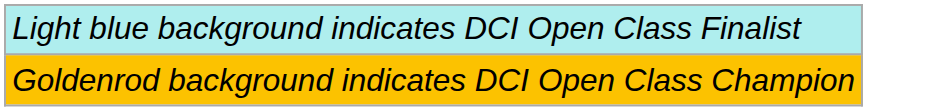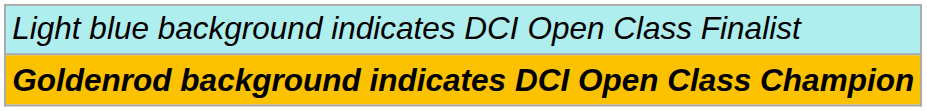 <table class="wikitable" style="font-size:100%;">
 <tr>
 <td style="background-color:#AFEEEE"><em>Light blue background indicates DCI Open Class Finalist</em></td>
 </tr>
 <tr>
-<td style="background-color:#fcc200"><em>Goldenrod background indicates DCI Open Class Champion</em></td>
+<td style="background-color:#fcc200"><strong><em>Goldenrod background indicates DCI Open Class Champion</em></strong></td>
 </tr>
 </table>
